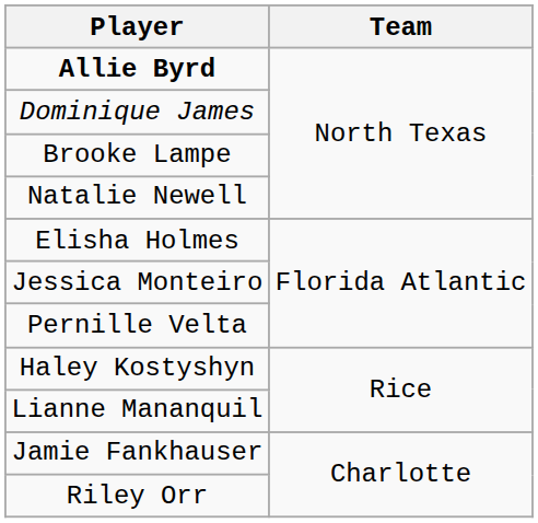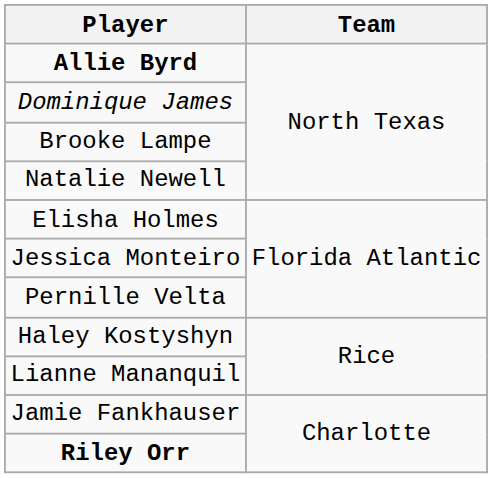 <table class="wikitable" style="text-align: center;">
 <tr>
 <th>Player</th>
 <th>Team</th>
 </tr>
 <tr>
 <td><strong>Allie Byrd</strong></td>
 <td rowspan=4>North Texas</td>
 </tr>
 <tr>
 <td><em>Dominique James</em></td>
 </tr>
 <tr>
 <td>Brooke Lampe</td>
 </tr>
 <tr>
 <td>Natalie Newell</td>
 </tr>
 <tr>
 <td>Elisha Holmes</td>
 <td rowspan=3>Florida Atlantic</td>
 </tr>
 <tr>
 <td>Jessica Monteiro</td>
 </tr>
 <tr>
 <td>Pernille Velta</td>
 </tr>
 <tr>
 <td>Haley Kostyshyn</td>
 <td rowspan=2>Rice</td>
 </tr>
 <tr>
 <td>Lianne Mananquil</td>
 </tr>
 <tr>
 <td>Jamie Fankhauser</td>
 <td rowspan=2>Charlotte</td>
 </tr>
 <tr>
-<td>Riley Orr</td>
+<td><strong>Riley Orr</strong></td>
 </tr>
 </table>
